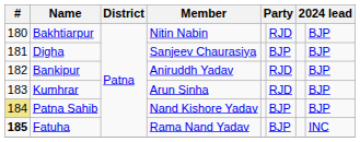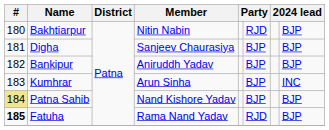 <table class="wikitable">
 <tr>
 <th>#</th>
 <th>Name</th>
 <th>District</th>
 <th>Member</th>
 <th colspan="2">Party</th>
 <th colspan="2">2024 lead</th>
 </tr>
 <tr>
 <td>180</td>
 <td><a href='#'>Bakhtiarpur</a></td>
 <td rowspan="6"><a href='#'>Patna</a></td>
 <td><a href='#'>Nitin Nabin</a></td>
 <td style="background-color: "></td>
 <td><a href='#'>RJD</a></td>
 <td style="background-color: "></td>
 <td><a href='#'>BJP</a></td>
 </tr>
 <tr>
 <td>181</td>
 <td><a href='#'>Digha</a></td>
 <td><a href='#'>Sanjeev Chaurasiya</a></td>
 <td style="background-color: "></td>
 <td><a href='#'>BJP</a></td>
 <td style="background-color: "></td>
 <td><a href='#'>BJP</a></td>
 </tr>
 <tr>
 <td>182</td>
 <td><a href='#'>Bankipur</a></td>
 <td><a href='#'>Aniruddh Yadav</a></td>
 <td style="background-color: "></td>
-<td><a href='#'>RJD</a></td>
+<td><a href='#'>BJP</a></td>
 <td style="background-color: "></td>
 <td><a href='#'>BJP</a></td>
 </tr>
 <tr>
 <td>183</td>
 <td><a href='#'>Kumhrar</a></td>
 <td><a href='#'>Arun Sinha</a></td>
 <td style="background-color: "></td>
-<td><a href='#'>RJD</a></td>
+<td><a href='#'>BJP</a></td>
 <td style="background-color: "></td>
-<td><a href='#'>BJP</a></td>
+<td><a href='#'>INC</a></td>
 </tr>
 <tr>
 <td style="background: khaki;">184</td>
 <td><a href='#'>Patna Sahib</a></td>
 <td><a href='#'>Nand Kishore Yadav</a></td>
 <td style="background-color: "></td>
 <td><a href='#'>BJP</a></td>
 <td style="background-color: "></td>
 <td><a href='#'>BJP</a></td>
 </tr>
 <tr>
 <td><strong>185</strong></td>
 <td><a href='#'>Fatuha</a></td>
 <td><a href='#'>Rama Nand Yadav</a></td>
 <td style="background-color: "></td>
+<td><a href='#'>RJD</a></td>
+<td style="background-color: "></td>
 <td><a href='#'>BJP</a></td>
-<td style="background-color: "></td>
-<td><a href='#'>INC</a></td>
 </tr>
 <tr>
 </tr>
 </table>
